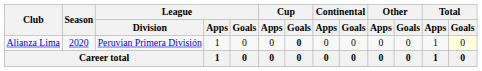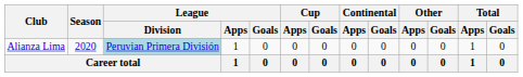 <table class="wikitable" style="text-align: center">
 <tr>
 <th rowspan="2">Club</th>
 <th rowspan="2">Season</th>
 <th colspan="3">League</th>
 <th colspan="2">Cup</th>
 <th colspan="2">Continental</th>
 <th colspan="2">Other</th>
 <th colspan="2">Total</th>
 </tr>
 <tr>
 <th>Division</th>
 <th>Apps</th>
 <th>Goals</th>
 <th>Apps</th>
 <th>Goals</th>
 <th>Apps</th>
 <th>Goals</th>
 <th>Apps</th>
 <th>Goals</th>
 <th>Apps</th>
 <th>Goals</th>
 </tr>
 <tr>
 <td><a href='#'>Alianza Lima</a></td>
 <td><a href='#'>2020</a></td>
-<td><a href='#'>Peruvian Primera División</a></td>
+<td style="background: lightblue;"><a href='#'>Peruvian Primera División</a></td>
 <td>1</td>
 <td>0</td>
 <td>0</td>
-<td><strong>0</strong></td>
+<td>0</td>
 <td>0</td>
 <td>0</td>
 <td>0</td>
 <td>0</td>
 <td>1</td>
-<td style="background: lightyellow;">0</td>
+<td>0</td>
 </tr>
 <tr>
 <th colspan="3"><strong>Career total</strong></th>
 <th>1</th>
 <th>0</th>
 <th>0</th>
 <th>0</th>
 <th>0</th>
 <th>0</th>
 <th>0</th>
 <th>0</th>
 <th>1</th>
 <th>0</th>
 </tr>
 </table>
